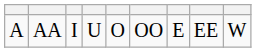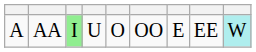 <table class="wikitable">
 <tr align="center" style="font-size: 18px">
 <th></th>
 <th></th>
 <th></th>
 <th></th>
 <th></th>
 <th></th>
 <th></th>
 <th></th>
 <th></th>
 </tr>
 <tr align="center">
 <td>A</td>
 <td>AA</td>
-<td>I</td>
+<td style="background: lightgreen;">I</td>
 <td>U</td>
 <td>O</td>
 <td>OO</td>
 <td>E</td>
 <td>EE</td>
-<td>W</td>
+<td style="background: paleturquoise;">W</td>
 </tr>
 </table>
